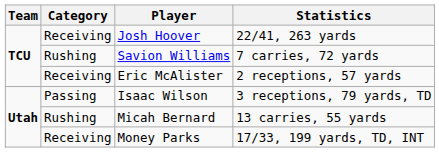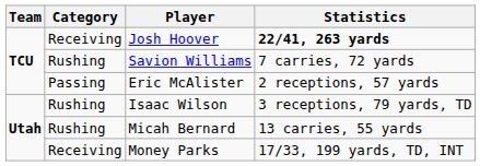 <table class="wikitable" style="float: right;">
 <tr>
 <th>Team</th>
 <th>Category</th>
 <th>Player</th>
 <th>Statistics</th>
 </tr>
 <tr>
 <td rowspan=3><strong>TCU</strong></td>
 <td>Receiving</td>
 <td><a href='#'>Josh Hoover</a></td>
-<td>22/41, 263 yards</td>
+<td><strong>22/41, 263 yards</strong></td>
 </tr>
 <tr>
 <td>Rushing</td>
 <td><a href='#'>Savion Williams</a></td>
 <td>7 carries, 72 yards</td>
 </tr>
 <tr>
-<td>Receiving</td>
+<td>Passing</td>
 <td>Eric McAlister</td>
 <td>2 receptions, 57 yards</td>
 </tr>
 <tr>
 <td rowspan=3><strong>Utah</strong></td>
-<td>Passing</td>
+<td>Rushing</td>
 <td>Isaac Wilson</td>
 <td>3 receptions, 79 yards, TD</td>
 </tr>
 <tr>
 <td>Rushing</td>
 <td>Micah Bernard</td>
 <td>13 carries, 55 yards</td>
 </tr>
 <tr>
 <td>Receiving</td>
 <td>Money Parks</td>
 <td>17/33, 199 yards, TD, INT</td>
 </tr>
 </table>
